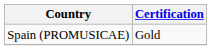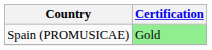 <table class="wikitable sortable">
 <tr>
 <th>Country</th>
 <th><a href='#'>Certification</a></th>
 </tr>
 <tr>
 <td>Spain (PROMUSICAE)</td>
-<td>Gold</td>
+<td style="background: lightgreen;">Gold</td>
 </tr>
 <tr>
 </tr>
 </table>
